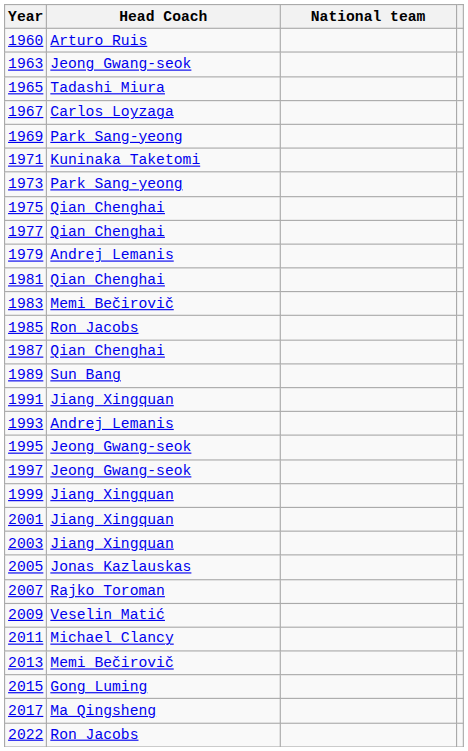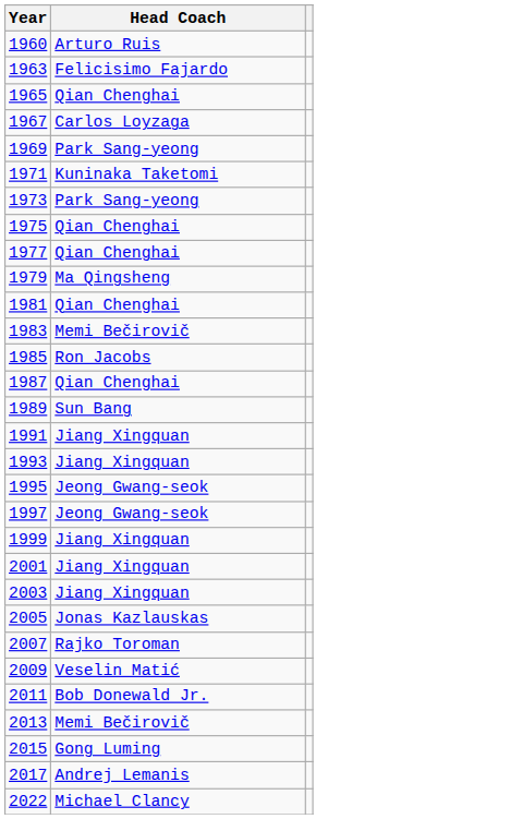 <table class="wikitable">
 <tr>
 <th>Year</th>
 <th style="width:200px">Head Coach</th>
-<th style="width:150px">National team</th>
 <th></th>
 </tr>
 <tr>
 <td style="text-align:center;"><a href='#'>1960</a></td>
 <td> <a href='#'>Arturo Ruis</a></td>
 <td></td>
-<td></td>
 </tr>
 <tr>
 <td style="text-align:center;"><a href='#'>1963</a></td>
-<td> <a href='#'>Jeong Gwang-seok</a></td>
-<td></td>
+<td> <a href='#'>Felicisimo Fajardo</a></td>
 <td></td>
 </tr>
 <tr>
 <td style="text-align:center;"><a href='#'>1965</a></td>
-<td> <a href='#'>Tadashi Miura</a></td>
-<td></td>
+<td> <a href='#'>Qian Chenghai</a></td>
 <td></td>
 </tr>
 <tr>
 <td style="text-align:center;"><a href='#'>1967</a></td>
 <td> <a href='#'>Carlos Loyzaga</a></td>
 <td></td>
-<td></td>
 </tr>
 <tr>
 <td style="text-align:center;"><a href='#'>1969</a></td>
 <td> <a href='#'>Park Sang-yeong</a></td>
-<td></td>
 <td></td>
 </tr>
 <tr>
 <td style="text-align:center;"><a href='#'>1971</a></td>
 <td> <a href='#'>Kuninaka Taketomi</a></td>
 <td></td>
-<td></td>
 </tr>
 <tr>
 <td style="text-align:center;"><a href='#'>1973</a></td>
 <td> <a href='#'>Park Sang-yeong</a></td>
-<td></td>
 <td></td>
 </tr>
 <tr>
 <td style="text-align:center;"><a href='#'>1975</a></td>
 <td> <a href='#'>Qian Chenghai</a></td>
 <td></td>
-<td></td>
 </tr>
 <tr>
 <td style="text-align:center;"><a href='#'>1977</a></td>
 <td> <a href='#'>Qian Chenghai</a></td>
 <td></td>
-<td></td>
 </tr>
 <tr>
 <td style="text-align:center;"><a href='#'>1979</a></td>
-<td> <a href='#'>Andrej Lemanis</a></td>
-<td></td>
+<td> <a href='#'>Ma Qingsheng</a></td>
 <td></td>
 </tr>
 <tr>
 <td style="text-align:center;"><a href='#'>1981</a></td>
 <td> <a href='#'>Qian Chenghai</a></td>
 <td></td>
-<td></td>
 </tr>
 <tr>
 <td style="text-align:center;"><a href='#'>1983</a></td>
 <td> <a href='#'>Memi Bečirovič</a></td>
-<td></td>
 <td></td>
 </tr>
 <tr>
 <td style="text-align:center;"><a href='#'>1985</a></td>
 <td> <a href='#'>Ron Jacobs</a></td>
 <td></td>
-<td></td>
 </tr>
 <tr>
 <td style="text-align:center;"><a href='#'>1987</a></td>
 <td> <a href='#'>Qian Chenghai</a></td>
-<td></td>
 <td></td>
 </tr>
 <tr>
 <td style="text-align:center;"><a href='#'>1989</a></td>
 <td> <a href='#'>Sun Bang</a></td>
 <td></td>
-<td></td>
 </tr>
 <tr>
 <td style="text-align:center;"><a href='#'>1991</a></td>
 <td> <a href='#'>Jiang Xingquan</a></td>
 <td></td>
-<td></td>
 </tr>
 <tr>
 <td style="text-align:center;"><a href='#'>1993</a></td>
-<td> <a href='#'>Andrej Lemanis</a></td>
-<td></td>
+<td> <a href='#'>Jiang Xingquan</a></td>
 <td></td>
 </tr>
 <tr>
 <td style="text-align:center;"><a href='#'>1995</a></td>
 <td> <a href='#'>Jeong Gwang-seok</a></td>
 <td></td>
-<td></td>
 </tr>
 <tr>
 <td style="text-align:center;"><a href='#'>1997</a></td>
 <td> <a href='#'>Jeong Gwang-seok</a></td>
-<td></td>
 <td></td>
 </tr>
 <tr>
 <td style="text-align:center;"><a href='#'>1999</a></td>
 <td> <a href='#'>Jiang Xingquan</a></td>
 <td></td>
-<td></td>
 </tr>
 <tr>
 <td style="text-align:center;"><a href='#'>2001</a></td>
 <td> <a href='#'>Jiang Xingquan</a></td>
-<td></td>
 <td></td>
 </tr>
 <tr>
 <td style="text-align:center;"><a href='#'>2003</a></td>
 <td> <a href='#'>Jiang Xingquan</a></td>
 <td></td>
-<td></td>
 </tr>
 <tr>
 <td style="text-align:center;"><a href='#'>2005</a></td>
 <td> <a href='#'>Jonas Kazlauskas</a></td>
-<td></td>
 <td></td>
 </tr>
 <tr>
 <td style="text-align:center;"><a href='#'>2007</a></td>
 <td> <a href='#'>Rajko Toroman</a></td>
 <td></td>
-<td></td>
 </tr>
 <tr>
 <td style="text-align:center;"><a href='#'>2009</a></td>
 <td> <a href='#'>Veselin Matić</a></td>
 <td></td>
-<td></td>
 </tr>
 <tr>
 <td style="text-align:center;"><a href='#'>2011</a></td>
-<td> <a href='#'>Michael Clancy</a></td>
-<td></td>
+<td> <a href='#'>Bob Donewald Jr.</a></td>
 <td></td>
 </tr>
 <tr>
 <td style="text-align:center;"><a href='#'>2013</a></td>
 <td> <a href='#'>Memi Bečirovič</a></td>
 <td></td>
-<td></td>
 </tr>
 <tr>
 <td style="text-align:center;"><a href='#'>2015</a></td>
 <td> <a href='#'>Gong Luming</a></td>
 <td></td>
-<td></td>
 </tr>
 <tr>
 <td style="text-align:center;"><a href='#'>2017</a></td>
-<td> <a href='#'>Ma Qingsheng</a></td>
-<td></td>
+<td> <a href='#'>Andrej Lemanis</a></td>
 <td></td>
 </tr>
 <tr>
 <td style="text-align:center;"><a href='#'>2022</a></td>
-<td> <a href='#'>Ron Jacobs</a></td>
-<td></td>
+<td> <a href='#'>Michael Clancy</a></td>
 <td></td>
 </tr>
 </table>
